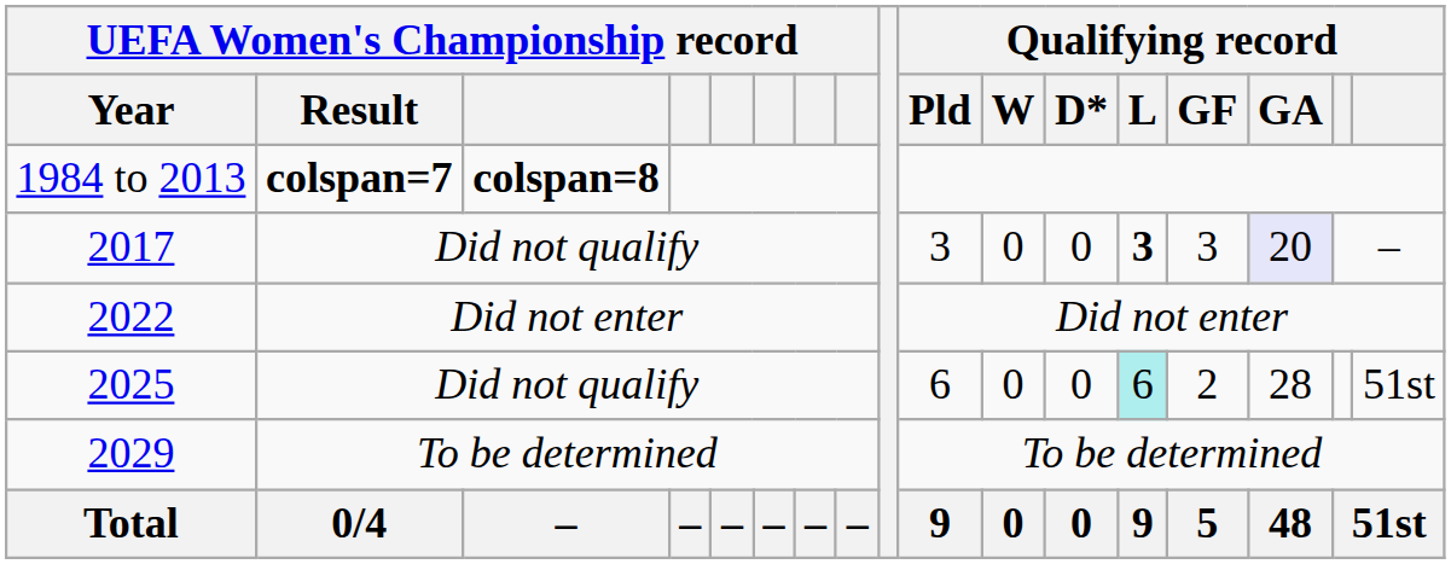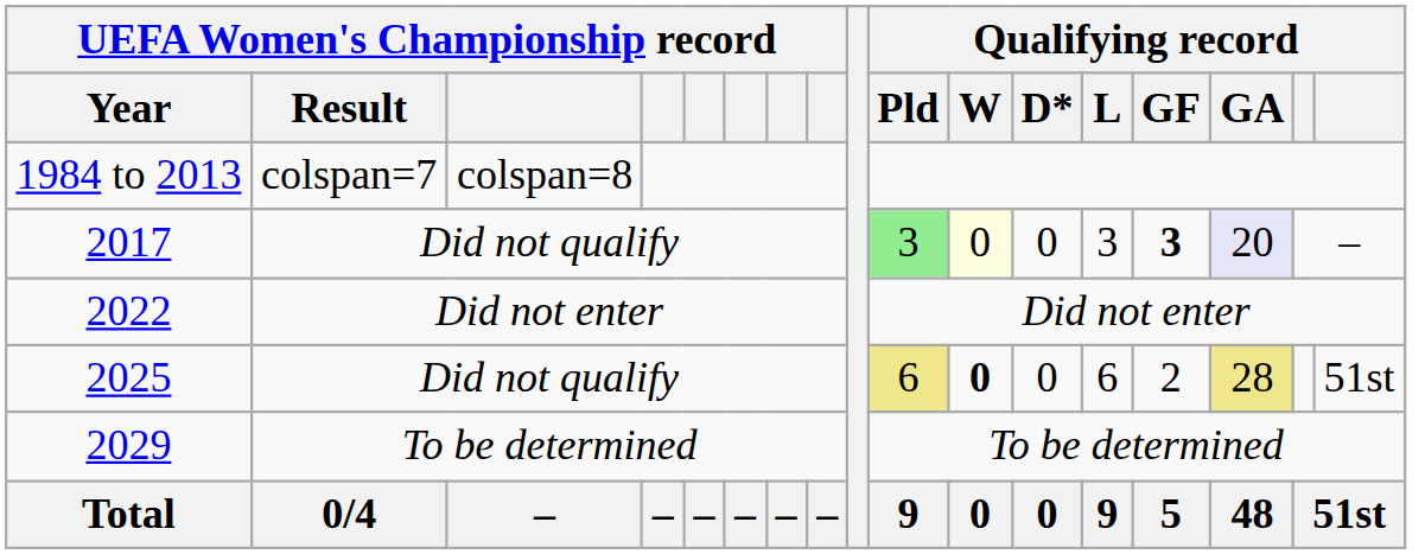 <table class="wikitable" style="text-align: center;">
 <tr>
 <th colspan=8><a href='#'>UEFA Women's Championship</a> record</th>
 <th rowspan=100></th>
 <th colspan=8>Qualifying record</th>
 </tr>
 <tr>
 <th>Year</th>
 <th>Result</th>
 <th></th>
 <th></th>
 <th></th>
 <th></th>
 <th></th>
 <th><br></th>
 <th>Pld</th>
 <th>W</th>
 <th>D*</th>
 <th>L</th>
 <th>GF</th>
 <th>GA</th>
 <th></th>
 <th></th>
 </tr>
 <tr>
 <td><a href='#'>1984</a> to  <a href='#'>2013</a></td>
-<td><strong>colspan=7 </strong></td>
-<td><strong>colspan=8 </strong></td>
+<td>colspan=7 </td>
+<td>colspan=8 </td>
 </tr>
 <tr>
 <td> <a href='#'>2017</a></td>
 <td colspan=7><em>Did not qualify</em></td>
+<td style="background: lightgreen;">3</td>
+<td style="background: lightyellow;">0</td>
+<td>0</td>
 <td>3</td>
-<td>0</td>
-<td>0</td>
 <td><strong>3</strong></td>
-<td>3</td>
 <td style="background: lavender;">20</td>
 <td colspan=2>–</td>
 </tr>
 <tr>
 <td> <a href='#'>2022</a></td>
 <td colspan=7><em>Did not enter</em></td>
 <td colspan=8><em>Did not enter</em></td>
 </tr>
 <tr>
 <td> <a href='#'>2025</a></td>
 <td colspan=7><em>Did not qualify</em></td>
+<td style="background: khaki;">6</td>
+<td><strong>0</strong></td>
+<td>0</td>
 <td>6</td>
-<td>0</td>
-<td>0</td>
-<td style="background: paleturquoise;">6</td>
 <td>2</td>
-<td>28</td>
+<td style="background: khaki;">28</td>
 <td></td>
 <td>51st</td>
 </tr>
 <tr>
 <td><a href='#'>2029</a></td>
 <td colspan=7><em>To be determined</em></td>
 <td colspan=8><em>To be determined</em></td>
 </tr>
 <tr>
 <th>Total</th>
 <th>0/4</th>
 <th>–</th>
 <th>–</th>
 <th>–</th>
 <th>–</th>
 <th>–</th>
 <th>–</th>
 <th>9</th>
 <th>0</th>
 <th>0</th>
 <th>9</th>
 <th>5</th>
 <th>48</th>
 <th colspan=2>51st</th>
 </tr>
 </table>
